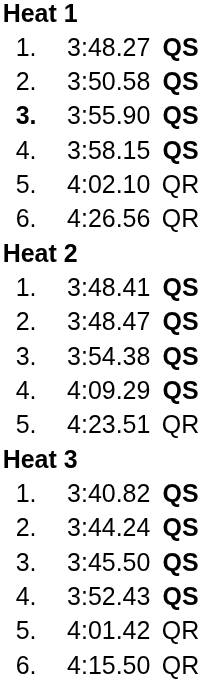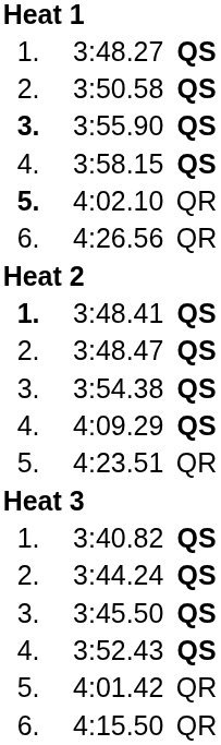 <table style="text-align:center">
 <tr>
 <td colspan=4 align=left><strong>Heat 1</strong></td>
 </tr>
 <tr>
 <td width=30>1.</td>
 <td align=left></td>
 <td width=60>3:48.27</td>
 <td><strong>QS</strong></td>
 </tr>
 <tr>
 <td>2.</td>
 <td align=left></td>
 <td>3:50.58</td>
 <td><strong>QS</strong></td>
 </tr>
 <tr>
 <td><strong>3.</strong></td>
 <td align=left></td>
 <td>3:55.90</td>
 <td><strong>QS</strong></td>
 </tr>
 <tr>
 <td>4.</td>
 <td align=left></td>
 <td>3:58.15</td>
 <td><strong>QS</strong></td>
 </tr>
 <tr>
-<td>5.</td>
+<td><strong>5.</strong></td>
 <td align=left></td>
 <td>4:02.10</td>
 <td>QR</td>
 </tr>
 <tr>
 <td>6.</td>
 <td align=left></td>
 <td>4:26.56</td>
 <td>QR</td>
 </tr>
 <tr>
 <td colspan=4 align=left><strong>Heat 2</strong></td>
 </tr>
 <tr>
-<td>1.</td>
+<td><strong>1.</strong></td>
 <td align=left></td>
 <td>3:48.41</td>
 <td><strong>QS</strong></td>
 </tr>
 <tr>
 <td>2.</td>
 <td align=left></td>
 <td>3:48.47</td>
 <td><strong>QS</strong></td>
 </tr>
 <tr>
 <td>3.</td>
 <td align=left></td>
 <td>3:54.38</td>
 <td><strong>QS</strong></td>
 </tr>
 <tr>
 <td>4.</td>
 <td align=left></td>
 <td>4:09.29</td>
 <td><strong>QS</strong></td>
 </tr>
 <tr>
 <td>5.</td>
 <td align=left></td>
 <td>4:23.51</td>
 <td>QR</td>
 </tr>
 <tr>
 <td colspan=4 align=left><strong>Heat 3</strong></td>
 </tr>
 <tr>
 <td>1.</td>
 <td align=left></td>
 <td>3:40.82</td>
 <td><strong>QS</strong></td>
 </tr>
 <tr>
 <td>2.</td>
 <td align=left></td>
 <td>3:44.24</td>
 <td><strong>QS</strong></td>
 </tr>
 <tr>
 <td>3.</td>
 <td align=left></td>
 <td>3:45.50</td>
 <td><strong>QS</strong></td>
 </tr>
 <tr>
 <td>4.</td>
 <td align=left></td>
 <td>3:52.43</td>
 <td><strong>QS</strong></td>
 </tr>
 <tr>
 <td>5.</td>
 <td align=left></td>
 <td>4:01.42</td>
 <td>QR</td>
 </tr>
 <tr>
 <td>6.</td>
 <td align=left></td>
 <td>4:15.50</td>
 <td>QR</td>
 </tr>
 </table>
